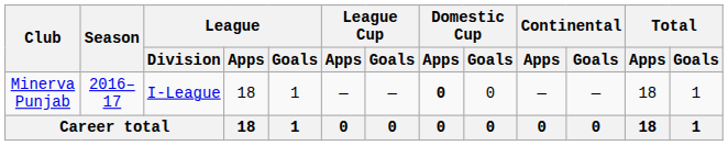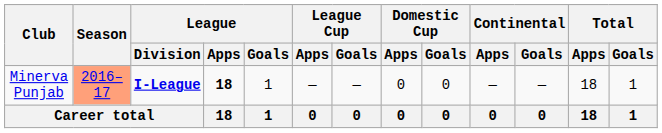 <table class="wikitable" style="text-align: center;">
 <tr>
 <th rowspan="2">Club</th>
 <th rowspan="2">Season</th>
 <th colspan="3">League</th>
 <th colspan="2">League Cup</th>
 <th colspan="2">Domestic Cup</th>
 <th colspan="2">Continental</th>
 <th colspan="2">Total</th>
 </tr>
 <tr>
 <th>Division</th>
 <th>Apps</th>
 <th>Goals</th>
 <th>Apps</th>
 <th>Goals</th>
 <th>Apps</th>
 <th>Goals</th>
 <th>Apps</th>
 <th>Goals</th>
 <th>Apps</th>
 <th>Goals</th>
 </tr>
 <tr>
 <td rowspan="1"><a href='#'>Minerva Punjab</a></td>
-<td><a href='#'>2016–17</a></td>
-<td><a href='#'>I-League</a></td>
-<td>18</td>
+<td style="background: lightsalmon;"><a href='#'>2016–17</a></td>
+<td><strong><a href='#'>I-League</a></strong></td>
+<td><strong>18</strong></td>
 <td>1</td>
 <td>—</td>
 <td>—</td>
-<td><strong>0</strong></td>
+<td>0</td>
 <td>0</td>
 <td>—</td>
 <td>—</td>
 <td>18</td>
 <td>1</td>
 </tr>
 <tr>
 <th colspan="3">Career total</th>
 <th>18</th>
 <th>1</th>
 <th>0</th>
 <th>0</th>
 <th>0</th>
 <th>0</th>
 <th>0</th>
 <th>0</th>
 <th>18</th>
 <th>1</th>
 </tr>
 </table>
